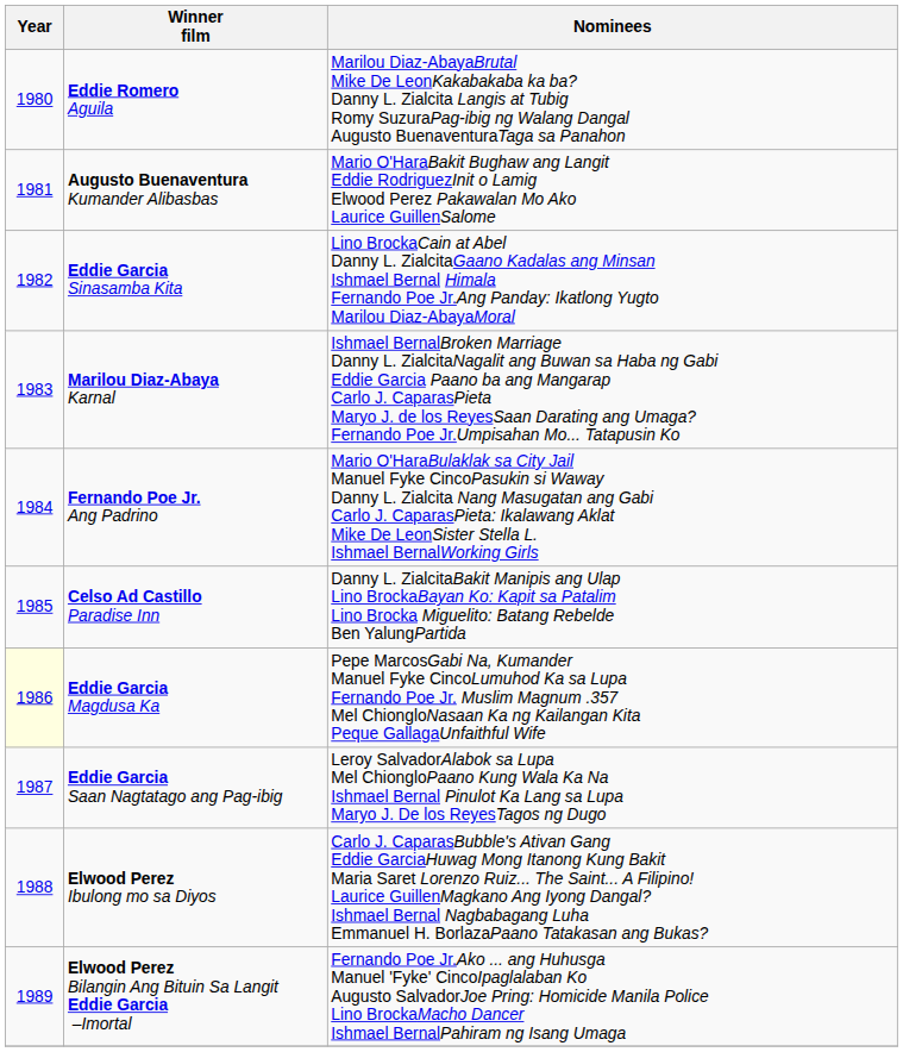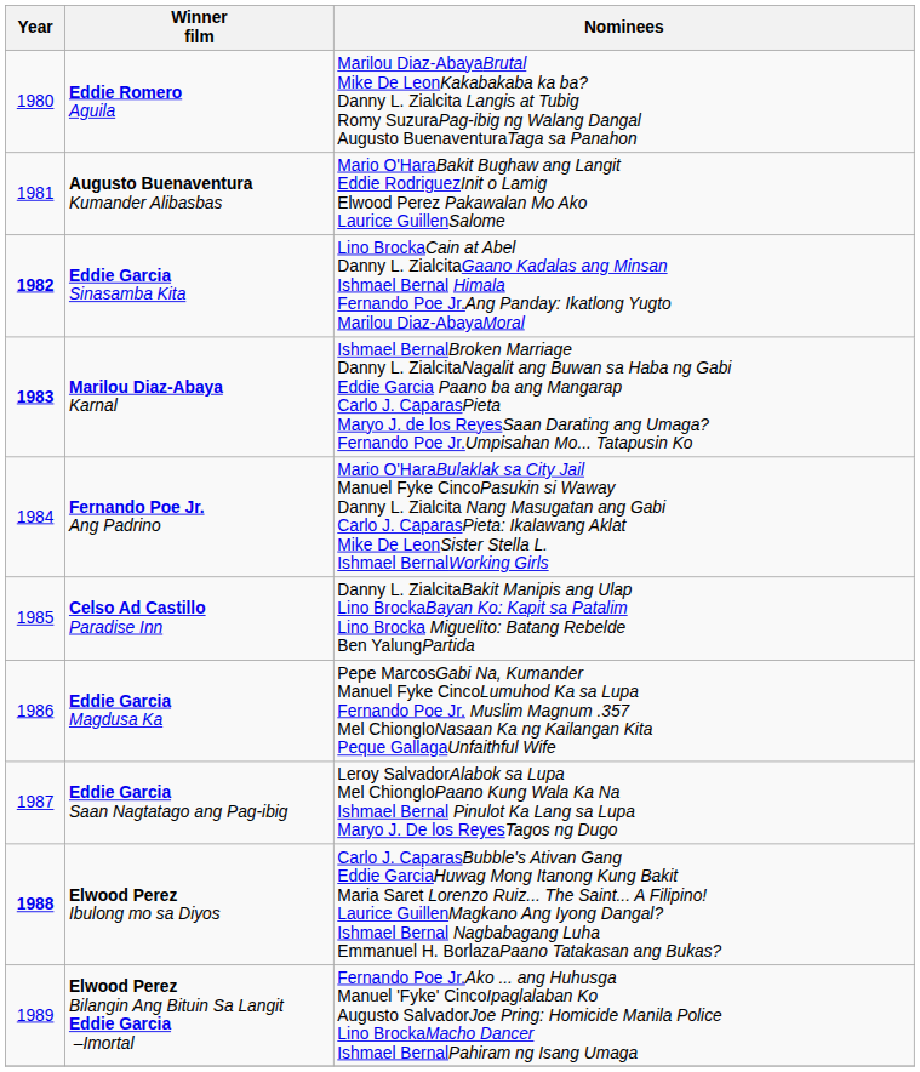 <table class="wikitable">
 <tr>
 <th width="50">Year</th>
 <th width="250">Winner<br>film</th>
 <th width="550">Nominees</th>
 </tr>
 <tr>
 <td align="center"><a href='#'>1980</a></td>
 <td><strong><a href='#'>Eddie Romero</a></strong><br><em><a href='#'>Aguila</a></em></td>
 <td><a href='#'>Marilou Diaz-Abaya</a><em><a href='#'>Brutal</a></em> <br><a href='#'>Mike De Leon</a><em>Kakabakaba ka ba?</em><br>Danny L. Zialcita<em> Langis at Tubig</em><br>Romy Suzura<em>Pag-ibig ng Walang Dangal</em><br>Augusto Buenaventura<em>Taga sa Panahon</em></td>
 </tr>
 <tr>
 <td align="center"><a href='#'>1981</a></td>
 <td><strong>Augusto Buenaventura</strong><br><em>Kumander Alibasbas</em></td>
 <td><a href='#'>Mario O'Hara</a><em>Bakit Bughaw ang Langit</em><br><a href='#'>Eddie Rodriguez</a><em>Init o Lamig</em><br>Elwood Perez<em> Pakawalan Mo Ako</em><br><a href='#'>Laurice Guillen</a><em>Salome</em></td>
 </tr>
 <tr>
-<td align="center"><a href='#'>1982</a></td>
+<td align="center"><strong><a href='#'>1982</a></strong></td>
 <td><strong><a href='#'>Eddie Garcia</a></strong><br><em><a href='#'>Sinasamba Kita</a></em></td>
 <td><a href='#'>Lino Brocka</a><em>Cain at Abel</em> <br>Danny L. Zialcita<em><a href='#'>Gaano Kadalas ang Minsan</a></em> <br><a href='#'>Ishmael Bernal</a><em> <a href='#'>Himala</a></em><br><a href='#'>Fernando Poe Jr.</a><em>Ang Panday: Ikatlong Yugto</em><br><a href='#'>Marilou Diaz-Abaya</a><em><a href='#'>Moral</a></em></td>
 </tr>
 <tr>
-<td align="center"><a href='#'>1983</a></td>
+<td align="center"><strong><a href='#'>1983</a></strong></td>
 <td><strong><a href='#'>Marilou Diaz-Abaya</a></strong><br><em>Karnal</em></td>
 <td><a href='#'>Ishmael Bernal</a><em>Broken Marriage</em><br>Danny L. Zialcita<em>Nagalit ang Buwan sa Haba ng Gabi</em><br><a href='#'>Eddie Garcia</a><em> Paano ba ang Mangarap</em><br><a href='#'>Carlo J. Caparas</a><em>Pieta</em><br><a href='#'>Maryo J. de los Reyes</a><em>Saan Darating ang Umaga?</em><br><a href='#'>Fernando Poe Jr.</a><em>Umpisahan Mo... Tatapusin Ko</em></td>
 </tr>
 <tr>
 <td align="center"><a href='#'>1984</a></td>
 <td><strong><a href='#'>Fernando Poe Jr.</a></strong><br><em>Ang Padrino</em></td>
 <td><a href='#'>Mario O'Hara</a><em><a href='#'>Bulaklak sa City Jail</a></em> <br>Manuel Fyke Cinco<em>Pasukin si Waway</em> <br>Danny L. Zialcita<em> Nang Masugatan ang Gabi</em><br><a href='#'>Carlo J. Caparas</a><em>Pieta: Ikalawang Aklat</em><br><a href='#'>Mike De Leon</a><em>Sister Stella L.</em> <br><a href='#'>Ishmael Bernal</a><em><a href='#'>Working Girls</a></em></td>
 </tr>
 <tr>
 <td align="center"><a href='#'>1985</a></td>
 <td><strong><a href='#'>Celso Ad Castillo</a></strong><br><em><a href='#'>Paradise Inn</a></em></td>
 <td>Danny L. Zialcita<em>Bakit Manipis ang Ulap</em> <br><a href='#'>Lino Brocka</a><em><a href='#'>Bayan Ko: Kapit sa Patalim</a></em> <br><a href='#'>Lino Brocka</a><em> Miguelito: Batang Rebelde</em><br>Ben Yalung<em>Partida</em></td>
 </tr>
 <tr>
-<td align="center" style="background: lightyellow;"><a href='#'>1986</a></td>
+<td align="center"><a href='#'>1986</a></td>
 <td><strong><a href='#'>Eddie Garcia</a></strong><br><em><a href='#'>Magdusa Ka</a></em></td>
 <td>Pepe Marcos<em>Gabi Na, Kumander</em> <br>Manuel Fyke Cinco<em>Lumuhod Ka sa Lupa</em><br><a href='#'>Fernando Poe Jr.</a><em> Muslim Magnum .357</em> <br>Mel Chionglo<em>Nasaan Ka ng Kailangan Kita</em><br><a href='#'>Peque Gallaga</a><em>Unfaithful Wife</em></td>
 </tr>
 <tr>
 <td align="center"><a href='#'>1987</a></td>
 <td><strong><a href='#'>Eddie Garcia</a></strong><br><em>Saan Nagtatago ang Pag-ibig</em></td>
 <td>Leroy Salvador<em>Alabok sa Lupa</em> <br>Mel Chionglo<em>Paano Kung Wala Ka Na</em><br><a href='#'>Ishmael Bernal</a><em> Pinulot Ka Lang sa Lupa</em> <br><a href='#'>Maryo J. De los Reyes</a><em>Tagos ng Dugo</em></td>
 </tr>
 <tr>
-<td align="center"><a href='#'>1988</a></td>
+<td align="center"><strong><a href='#'>1988</a></strong></td>
 <td><strong>Elwood Perez</strong><br><em>Ibulong mo sa Diyos</em></td>
 <td><a href='#'>Carlo J. Caparas</a><em>Bubble's Ativan Gang</em> <br><a href='#'>Eddie Garcia</a><em>Huwag Mong Itanong Kung Bakit</em> <br>Maria Saret<em> Lorenzo Ruiz... The Saint... A Filipino!</em><br><a href='#'>Laurice Guillen</a><em>Magkano Ang Iyong Dangal?</em> <br><a href='#'>Ishmael Bernal</a><em> Nagbabagang Luha</em> <br>Emmanuel H. Borlaza<em>Paano Tatakasan ang Bukas?</em></td>
 </tr>
 <tr>
 <td align="center"><a href='#'>1989</a></td>
 <td><strong>Elwood Perez</strong><br><em>Bilangin Ang Bituin Sa Langit</em><br><strong><a href='#'>Eddie Garcia</a></strong><br> –<em>Imortal</em></td>
 <td><a href='#'>Fernando Poe Jr.</a><em>Ako ... ang Huhusga</em><br> Manuel 'Fyke' Cinco<em>Ipaglalaban Ko</em><br>Augusto Salvador<em>Joe Pring: Homicide Manila Police</em><br> <a href='#'>Lino Brocka</a><em><a href='#'>Macho Dancer</a></em><br><a href='#'>Ishmael Bernal</a><em>Pahiram ng Isang Umaga</em></td>
 </tr>
 <tr>
 </tr>
 </table>
